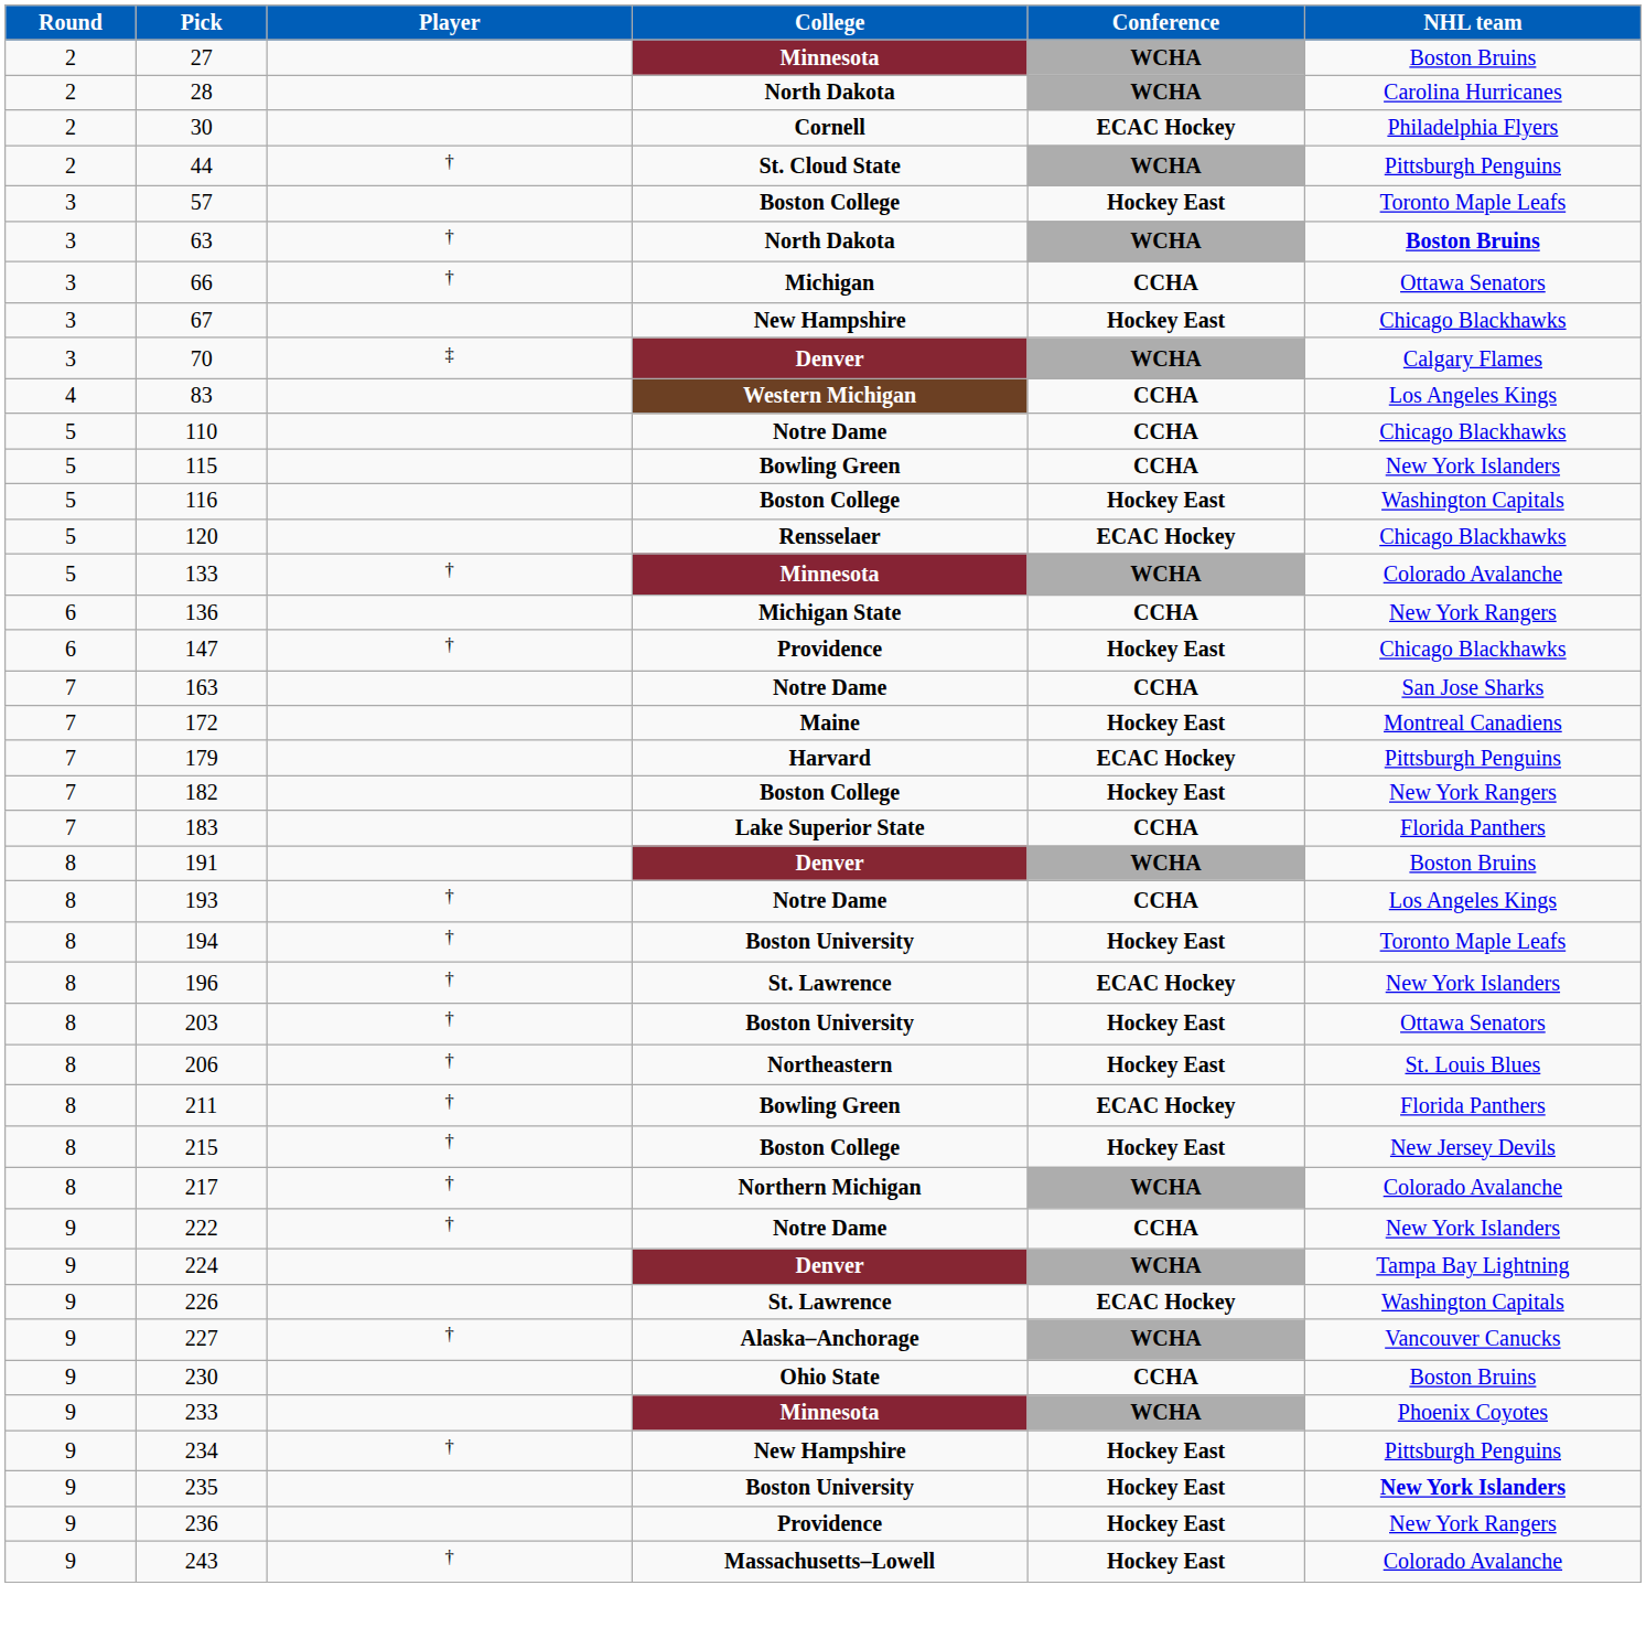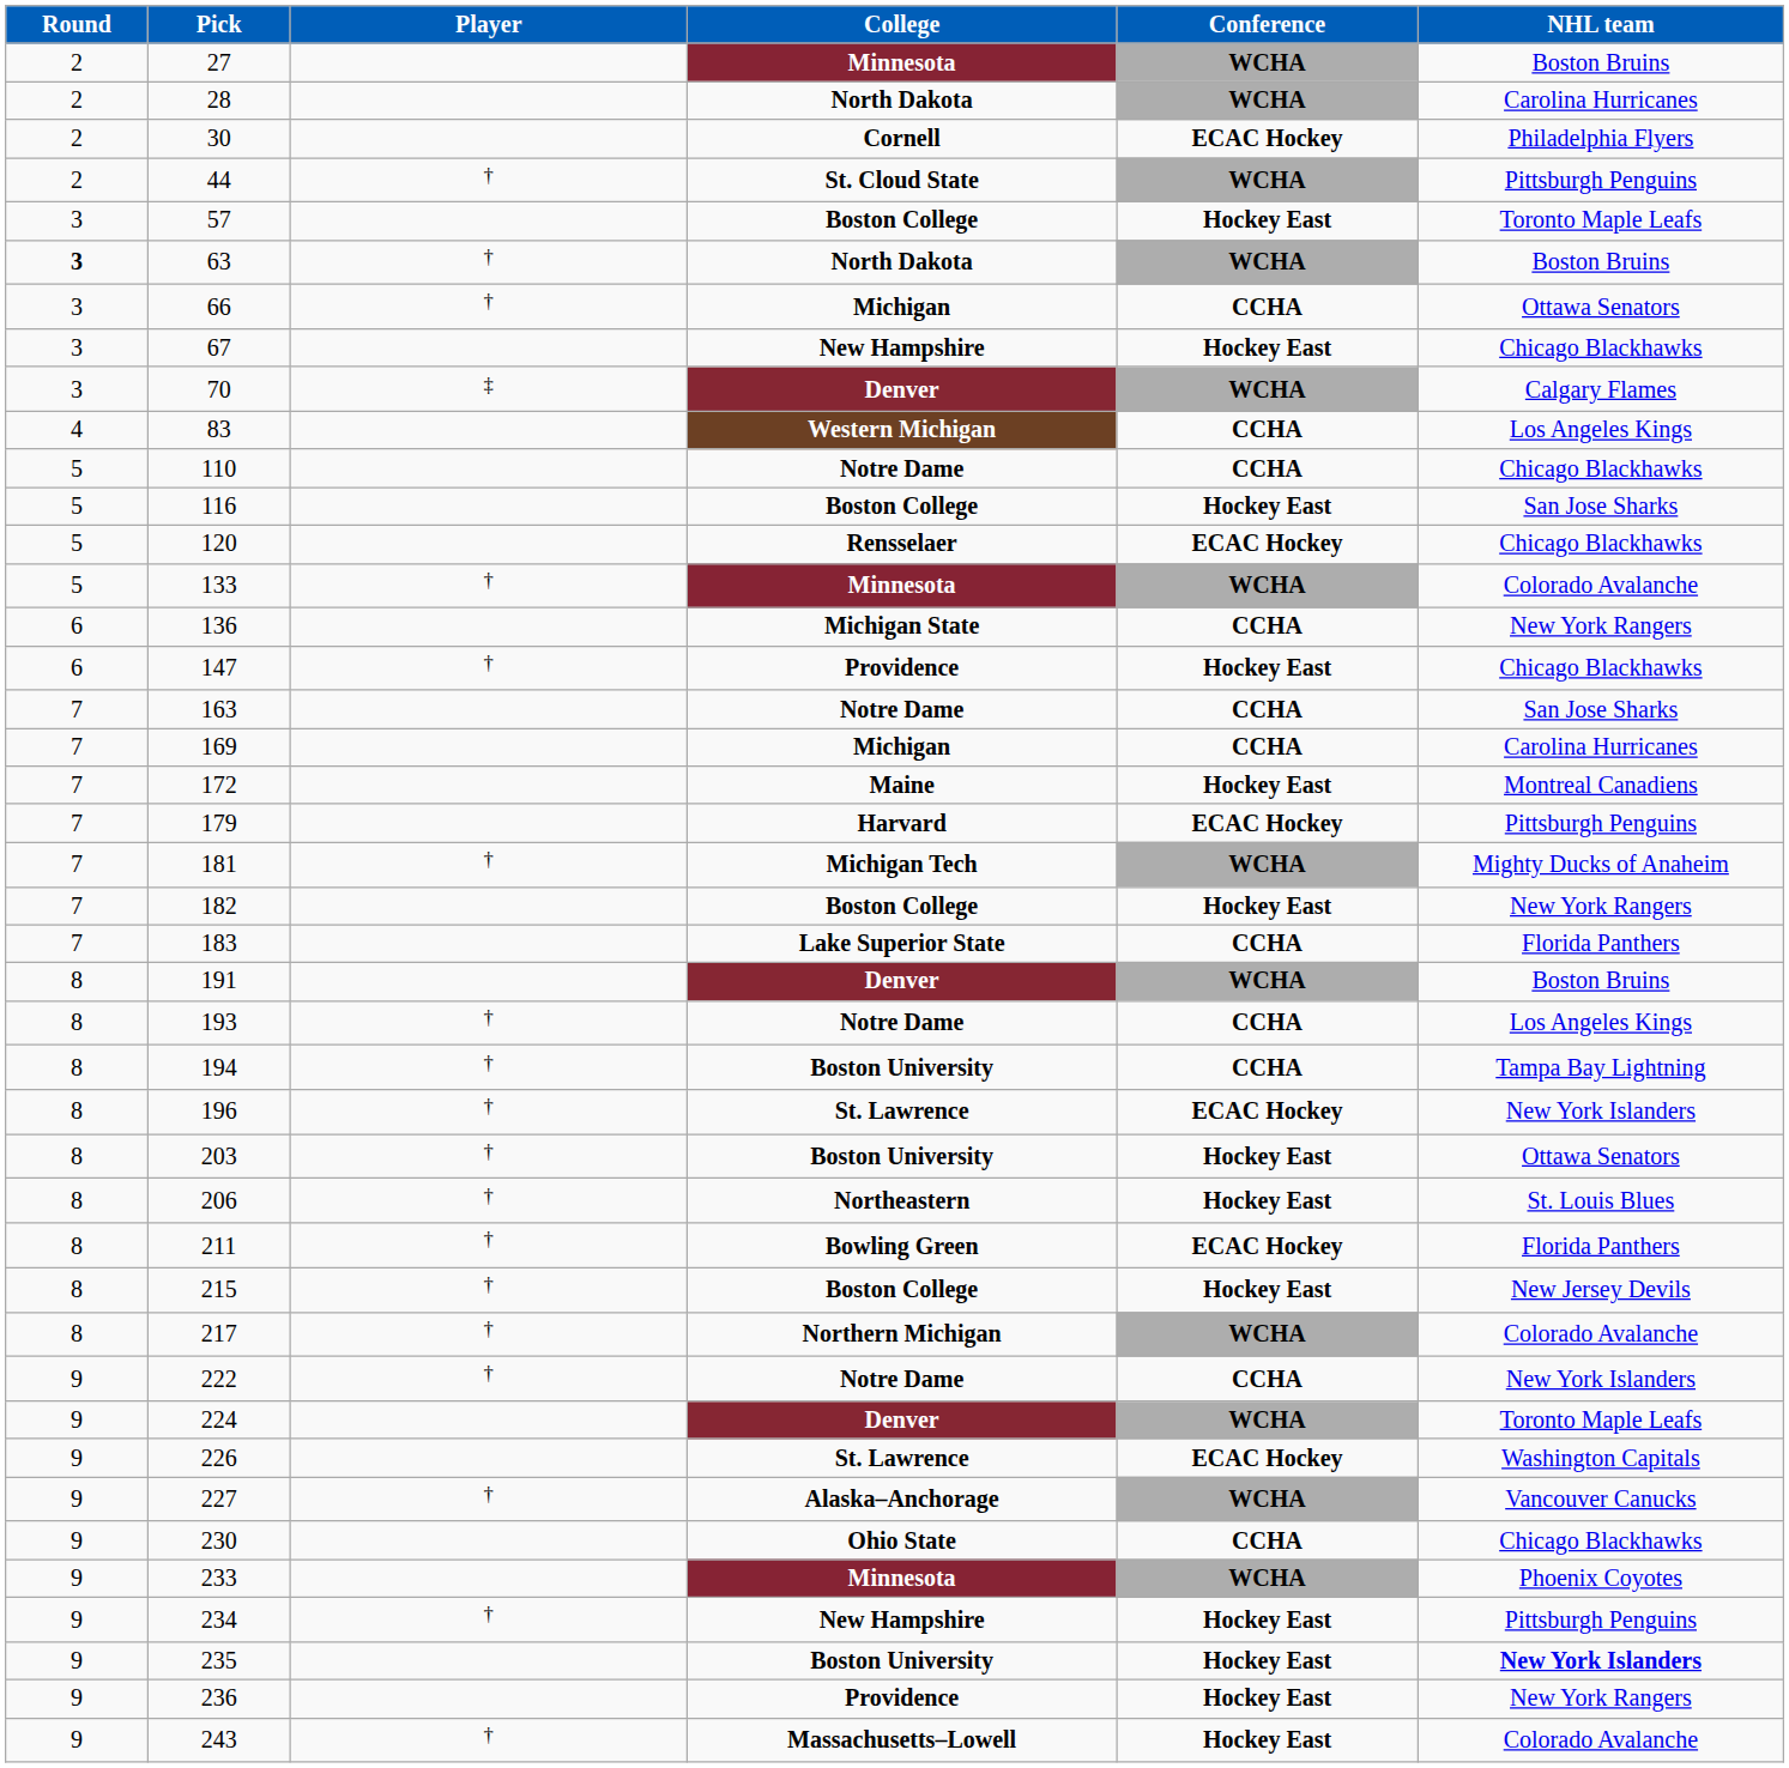 <table class="wikitable sortable" width="75%">
 <tr>
 <th style="color:white; background-color:#005EB8; width: 4em;">Round</th>
 <th style="color:white; background-color:#005EB8; width: 4em;">Pick</th>
 <th style="color:white; background-color:#005EB8; width: 12em;">Player</th>
 <th style="color:white; background-color:#005EB8; width: 13em;">College</th>
 <th style="color:white; background-color:#005EB8; width: 9em;">Conference</th>
 <th style="color:white; background-color:#005EB8; width: 11em;">NHL team</th>
 </tr>
 <tr align="center" bgcolor="">
 <td>2</td>
 <td>27</td>
 <td></td>
 <td style="color:white; background:#862334; "><strong>Minnesota</strong></td>
 <td style="color:black; background:#ADADAD; "><strong>WCHA</strong></td>
 <td><a href='#'>Boston Bruins</a></td>
 </tr>
 <tr align="center" bgcolor="">
 <td>2</td>
 <td>28</td>
 <td></td>
 <td><strong>North Dakota</strong></td>
 <td style="color:black; background:#ADADAD; "><strong>WCHA</strong></td>
 <td><a href='#'>Carolina Hurricanes</a></td>
 </tr>
 <tr align="center" bgcolor="">
 <td>2</td>
 <td>30</td>
 <td></td>
 <td><strong>Cornell</strong></td>
 <td><strong>ECAC Hockey</strong></td>
 <td><a href='#'>Philadelphia Flyers</a></td>
 </tr>
 <tr align="center" bgcolor="">
 <td>2</td>
 <td>44</td>
 <td> <sup>†</sup></td>
 <td><strong>St. Cloud State</strong></td>
 <td style="color:black; background:#ADADAD; "><strong>WCHA</strong></td>
 <td><a href='#'>Pittsburgh Penguins</a></td>
 </tr>
 <tr align="center" bgcolor="">
 <td>3</td>
 <td>57</td>
 <td></td>
 <td><strong>Boston College</strong></td>
 <td><strong>Hockey East</strong></td>
 <td><a href='#'>Toronto Maple Leafs</a></td>
 </tr>
 <tr align="center" bgcolor="">
-<td>3</td>
+<td><strong>3</strong></td>
 <td>63</td>
 <td> <sup>†</sup></td>
 <td><strong>North Dakota</strong></td>
 <td style="color:black; background:#ADADAD; "><strong>WCHA</strong></td>
-<td><strong><a href='#'>Boston Bruins</a></strong></td>
+<td><a href='#'>Boston Bruins</a></td>
 </tr>
 <tr align="center" bgcolor="">
 <td>3</td>
 <td>66</td>
 <td> <sup>†</sup></td>
 <td><strong>Michigan</strong></td>
 <td><strong>CCHA</strong></td>
 <td><a href='#'>Ottawa Senators</a></td>
 </tr>
 <tr align="center" bgcolor="">
 <td>3</td>
 <td>67</td>
 <td></td>
 <td><strong>New Hampshire</strong></td>
 <td><strong>Hockey East</strong></td>
 <td><a href='#'>Chicago Blackhawks</a></td>
 </tr>
 <tr align="center" bgcolor="">
 <td>3</td>
 <td>70</td>
 <td> <sup>‡</sup></td>
 <td style="color:white; background:#862633; "><strong>Denver</strong></td>
 <td style="color:black; background:#ADADAD; "><strong>WCHA</strong></td>
 <td><a href='#'>Calgary Flames</a></td>
 </tr>
 <tr align="center" bgcolor="">
 <td>4</td>
 <td>83</td>
 <td></td>
 <td style="color:white; background:#6C4023; "><strong>Western Michigan</strong></td>
 <td><strong>CCHA</strong></td>
 <td><a href='#'>Los Angeles Kings</a></td>
 </tr>
 <tr align="center" bgcolor="">
 <td>5</td>
 <td>110</td>
 <td></td>
 <td><strong>Notre Dame</strong></td>
 <td><strong>CCHA</strong></td>
 <td><a href='#'>Chicago Blackhawks</a></td>
 </tr>
 <tr align="center" bgcolor="">
 <td>5</td>
-<td>115</td>
-<td></td>
-<td><strong>Bowling Green</strong></td>
-<td><strong>CCHA</strong></td>
-<td><a href='#'>New York Islanders</a></td>
-</tr>
-<tr align="center" bgcolor="">
-<td>5</td>
 <td>116</td>
 <td></td>
 <td><strong>Boston College</strong></td>
 <td><strong>Hockey East</strong></td>
-<td><a href='#'>Washington Capitals</a></td>
+<td><a href='#'>San Jose Sharks</a></td>
 </tr>
 <tr align="center" bgcolor="">
 <td>5</td>
 <td>120</td>
 <td></td>
 <td><strong>Rensselaer</strong></td>
 <td><strong>ECAC Hockey</strong></td>
 <td><a href='#'>Chicago Blackhawks</a></td>
 </tr>
 <tr align="center" bgcolor="">
 <td>5</td>
 <td>133</td>
 <td> <sup>†</sup></td>
 <td style="color:white; background:#862334; "><strong>Minnesota</strong></td>
 <td style="color:black; background:#ADADAD; "><strong>WCHA</strong></td>
 <td><a href='#'>Colorado Avalanche</a></td>
 </tr>
 <tr align="center" bgcolor="">
 <td>6</td>
 <td>136</td>
 <td></td>
 <td><strong>Michigan State</strong></td>
 <td><strong>CCHA</strong></td>
 <td><a href='#'>New York Rangers</a></td>
 </tr>
 <tr align="center" bgcolor="">
 <td>6</td>
 <td>147</td>
 <td> <sup>†</sup></td>
 <td><strong>Providence</strong></td>
 <td><strong>Hockey East</strong></td>
 <td><a href='#'>Chicago Blackhawks</a></td>
 </tr>
 <tr align="center" bgcolor="">
 <td>7</td>
 <td>163</td>
 <td></td>
 <td><strong>Notre Dame</strong></td>
 <td><strong>CCHA</strong></td>
 <td><a href='#'>San Jose Sharks</a></td>
 </tr>
 <tr align="center" bgcolor="">
 <td>7</td>
+<td>169</td>
+<td></td>
+<td><strong>Michigan</strong></td>
+<td><strong>CCHA</strong></td>
+<td><a href='#'>Carolina Hurricanes</a></td>
+</tr>
+<tr align="center" bgcolor="">
+<td>7</td>
 <td>172</td>
 <td></td>
 <td><strong>Maine</strong></td>
 <td><strong>Hockey East</strong></td>
 <td><a href='#'>Montreal Canadiens</a></td>
 </tr>
 <tr align="center" bgcolor="">
 <td>7</td>
 <td>179</td>
 <td></td>
 <td><strong>Harvard</strong></td>
 <td><strong>ECAC Hockey</strong></td>
 <td><a href='#'>Pittsburgh Penguins</a></td>
+</tr>
+<tr align="center" bgcolor="">
+<td>7</td>
+<td>181</td>
+<td> <sup>†</sup></td>
+<td><strong>Michigan Tech</strong></td>
+<td style="color:black; background:#ADADAD; "><strong>WCHA</strong></td>
+<td><a href='#'>Mighty Ducks of Anaheim</a></td>
 </tr>
 <tr align="center" bgcolor="">
 <td>7</td>
 <td>182</td>
 <td></td>
 <td><strong>Boston College</strong></td>
 <td><strong>Hockey East</strong></td>
 <td><a href='#'>New York Rangers</a></td>
 </tr>
 <tr align="center" bgcolor="">
 <td>7</td>
 <td>183</td>
 <td></td>
 <td><strong>Lake Superior State</strong></td>
 <td><strong>CCHA</strong></td>
 <td><a href='#'>Florida Panthers</a></td>
 </tr>
 <tr align="center" bgcolor="">
 <td>8</td>
 <td>191</td>
 <td></td>
 <td style="color:white; background:#862633; "><strong>Denver</strong></td>
 <td style="color:black; background:#ADADAD; "><strong>WCHA</strong></td>
 <td><a href='#'>Boston Bruins</a></td>
 </tr>
 <tr align="center" bgcolor="">
 <td>8</td>
 <td>193</td>
 <td> <sup>†</sup></td>
 <td><strong>Notre Dame</strong></td>
 <td><strong>CCHA</strong></td>
 <td><a href='#'>Los Angeles Kings</a></td>
 </tr>
 <tr align="center" bgcolor="">
 <td>8</td>
 <td>194</td>
 <td> <sup>†</sup></td>
 <td><strong>Boston University</strong></td>
-<td><strong>Hockey East</strong></td>
-<td><a href='#'>Toronto Maple Leafs</a></td>
+<td><strong>CCHA</strong></td>
+<td><a href='#'>Tampa Bay Lightning</a></td>
 </tr>
 <tr align="center" bgcolor="">
 <td>8</td>
 <td>196</td>
 <td> <sup>†</sup></td>
 <td><strong>St. Lawrence</strong></td>
 <td><strong>ECAC Hockey</strong></td>
 <td><a href='#'>New York Islanders</a></td>
 </tr>
 <tr align="center" bgcolor="">
 <td>8</td>
 <td>203</td>
 <td> <sup>†</sup></td>
 <td><strong>Boston University</strong></td>
 <td><strong>Hockey East</strong></td>
 <td><a href='#'>Ottawa Senators</a></td>
 </tr>
 <tr align="center" bgcolor="">
 <td>8</td>
 <td>206</td>
 <td> <sup>†</sup></td>
 <td><strong>Northeastern</strong></td>
 <td><strong>Hockey East</strong></td>
 <td><a href='#'>St. Louis Blues</a></td>
 </tr>
 <tr align="center" bgcolor="">
 <td>8</td>
 <td>211</td>
 <td> <sup>†</sup></td>
 <td><strong>Bowling Green</strong></td>
 <td><strong>ECAC Hockey</strong></td>
 <td><a href='#'>Florida Panthers</a></td>
 </tr>
 <tr align="center" bgcolor="">
 <td>8</td>
 <td>215</td>
 <td> <sup>†</sup></td>
 <td><strong>Boston College</strong></td>
 <td><strong>Hockey East</strong></td>
 <td><a href='#'>New Jersey Devils</a></td>
 </tr>
 <tr align="center" bgcolor="">
 <td>8</td>
 <td>217</td>
 <td> <sup>†</sup></td>
 <td><strong>Northern Michigan</strong></td>
 <td style="color:black; background:#ADADAD; "><strong>WCHA</strong></td>
 <td><a href='#'>Colorado Avalanche</a></td>
 </tr>
 <tr align="center" bgcolor="">
 <td>9</td>
 <td>222</td>
 <td> <sup>†</sup></td>
 <td><strong>Notre Dame</strong></td>
 <td><strong>CCHA</strong></td>
 <td><a href='#'>New York Islanders</a></td>
 </tr>
 <tr align="center" bgcolor="">
 <td>9</td>
 <td>224</td>
 <td></td>
 <td style="color:white; background:#862633; "><strong>Denver</strong></td>
 <td style="color:black; background:#ADADAD; "><strong>WCHA</strong></td>
-<td><a href='#'>Tampa Bay Lightning</a></td>
+<td><a href='#'>Toronto Maple Leafs</a></td>
 </tr>
 <tr align="center" bgcolor="">
 <td>9</td>
 <td>226</td>
 <td></td>
 <td><strong>St. Lawrence</strong></td>
 <td><strong>ECAC Hockey</strong></td>
 <td><a href='#'>Washington Capitals</a></td>
 </tr>
 <tr align="center" bgcolor="">
 <td>9</td>
 <td>227</td>
 <td> <sup>†</sup></td>
 <td><strong>Alaska–Anchorage</strong></td>
 <td style="color:black; background:#ADADAD; "><strong>WCHA</strong></td>
 <td><a href='#'>Vancouver Canucks</a></td>
 </tr>
 <tr align="center" bgcolor="">
 <td>9</td>
 <td>230</td>
 <td></td>
 <td><strong>Ohio State</strong></td>
 <td><strong>CCHA</strong></td>
-<td><a href='#'>Boston Bruins</a></td>
+<td><a href='#'>Chicago Blackhawks</a></td>
 </tr>
 <tr align="center" bgcolor="">
 <td>9</td>
 <td>233</td>
 <td></td>
 <td style="color:white; background:#862334; "><strong>Minnesota</strong></td>
 <td style="color:black; background:#ADADAD; "><strong>WCHA</strong></td>
 <td><a href='#'>Phoenix Coyotes</a></td>
 </tr>
 <tr align="center" bgcolor="">
 <td>9</td>
 <td>234</td>
 <td> <sup>†</sup></td>
 <td><strong>New Hampshire</strong></td>
 <td><strong>Hockey East</strong></td>
 <td><a href='#'>Pittsburgh Penguins</a></td>
 </tr>
 <tr align="center" bgcolor="">
 <td>9</td>
 <td>235</td>
 <td></td>
 <td><strong>Boston University</strong></td>
 <td><strong>Hockey East</strong></td>
 <td><strong><a href='#'>New York Islanders</a></strong></td>
 </tr>
 <tr align="center" bgcolor="">
 <td>9</td>
 <td>236</td>
 <td></td>
 <td><strong>Providence</strong></td>
 <td><strong>Hockey East</strong></td>
 <td><a href='#'>New York Rangers</a></td>
 </tr>
 <tr align="center" bgcolor="">
 <td>9</td>
 <td>243</td>
 <td> <sup>†</sup></td>
 <td><strong>Massachusetts–Lowell</strong></td>
 <td><strong>Hockey East</strong></td>
 <td><a href='#'>Colorado Avalanche</a></td>
 </tr>
 </table>
